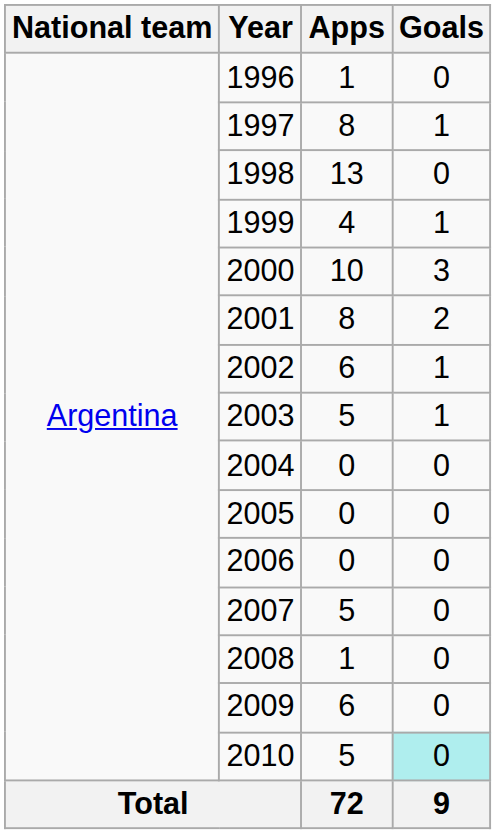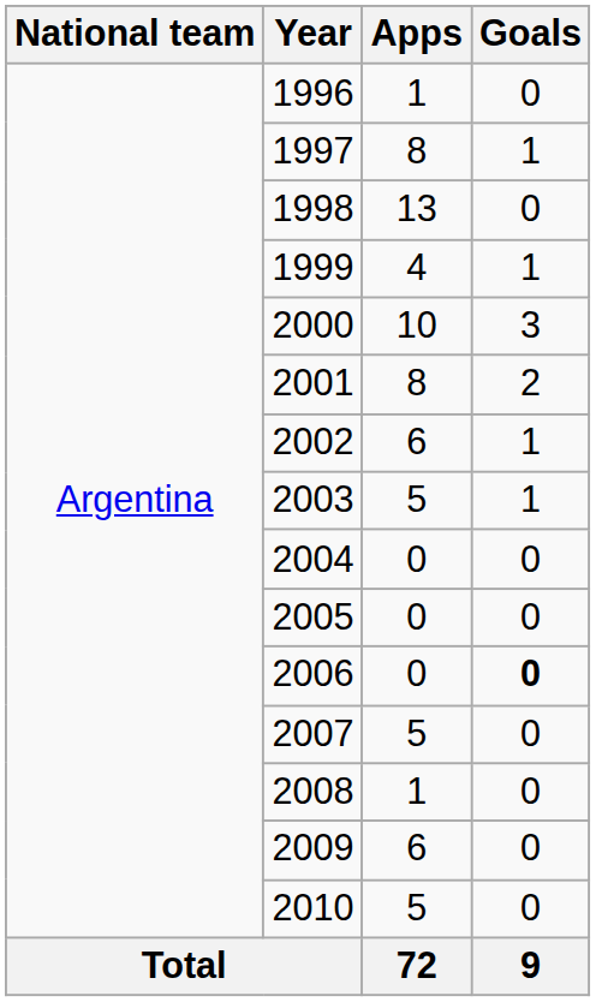 <table class="wikitable" style="text-align:center">
 <tr>
 <th>National team</th>
 <th>Year</th>
 <th>Apps</th>
 <th>Goals</th>
 </tr>
 <tr>
 <td rowspan="15"><a href='#'>Argentina</a></td>
 <td>1996</td>
 <td>1</td>
 <td>0</td>
 </tr>
 <tr>
 <td>1997</td>
 <td>8</td>
 <td>1</td>
 </tr>
 <tr>
 <td>1998</td>
 <td>13</td>
 <td>0</td>
 </tr>
 <tr>
 <td>1999</td>
 <td>4</td>
 <td>1</td>
 </tr>
 <tr>
 <td>2000</td>
 <td>10</td>
 <td>3</td>
 </tr>
 <tr>
 <td>2001</td>
 <td>8</td>
 <td>2</td>
 </tr>
 <tr>
 <td>2002</td>
 <td>6</td>
 <td>1</td>
 </tr>
 <tr>
 <td>2003</td>
 <td>5</td>
 <td>1</td>
 </tr>
 <tr>
 <td>2004</td>
 <td>0</td>
 <td>0</td>
 </tr>
 <tr>
 <td>2005</td>
 <td>0</td>
 <td>0</td>
 </tr>
 <tr>
 <td>2006</td>
 <td>0</td>
-<td>0</td>
+<td><strong>0</strong></td>
 </tr>
 <tr>
 <td>2007</td>
 <td>5</td>
 <td>0</td>
 </tr>
 <tr>
 <td>2008</td>
 <td>1</td>
 <td>0</td>
 </tr>
 <tr>
 <td>2009</td>
 <td>6</td>
 <td>0</td>
 </tr>
 <tr>
 <td>2010</td>
 <td>5</td>
-<td style="background: paleturquoise;">0</td>
+<td>0</td>
 </tr>
 <tr>
 <th colspan="2">Total</th>
 <th>72</th>
 <th>9</th>
 </tr>
 </table>
